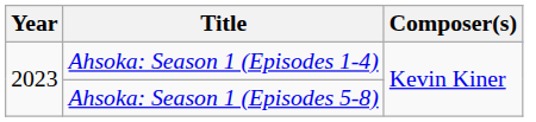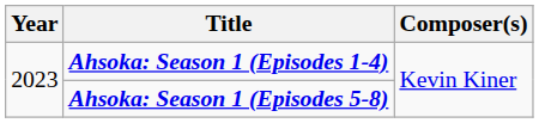 <table class="wikitable">
 <tr>
 <th>Year</th>
 <th>Title</th>
 <th>Composer(s)</th>
 </tr>
 <tr>
 <td rowspan="2">2023</td>
-<td><em><a href='#'>Ahsoka: Season 1 (Episodes 1-4)</a></em></td>
+<td><strong><em><a href='#'>Ahsoka: Season 1 (Episodes 1-4)</a></em></strong></td>
 <td rowspan="2"><a href='#'>Kevin Kiner</a></td>
 </tr>
 <tr>
-<td><em><a href='#'>Ahsoka: Season 1 (Episodes 5-8)</a></em></td>
+<td><strong><em><a href='#'>Ahsoka: Season 1 (Episodes 5-8)</a></em></strong></td>
 </tr>
 </table>
